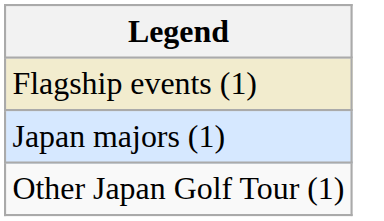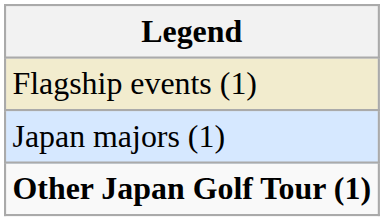 <table class="wikitable" style="font-size:95%;">
 <tr>
 <th>Legend</th>
 </tr>
 <tr style="background:#f2ecce;">
 <td>Flagship events (1)</td>
 </tr>
 <tr style="background:#D6E8FF;">
 <td>Japan majors (1)</td>
 </tr>
 <tr>
-<td>Other Japan Golf Tour (1)</td>
+<td><strong>Other Japan Golf Tour (1)</strong></td>
 </tr>
 </table>
